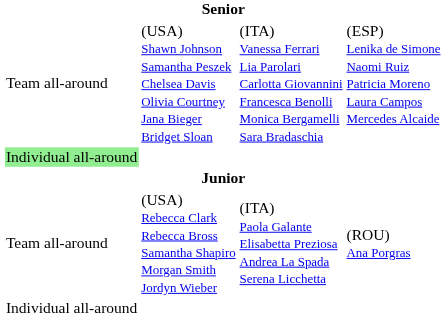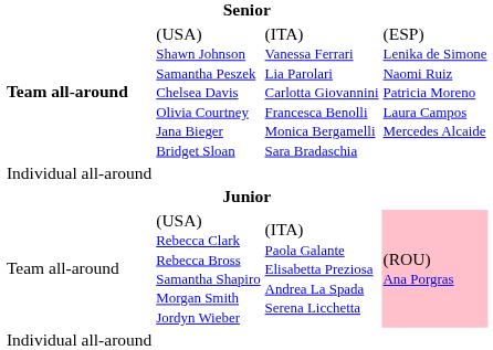 <table>
 <tr>
 <th colspan="4">Senior</th>
 </tr>
 <tr>
-<td>Team all-around<br></td>
+<td><strong>Team all-around<br></strong></td>
 <td> (USA)<br><small><a href='#'>Shawn Johnson</a><br><a href='#'>Samantha Peszek</a><br><a href='#'>Chelsea Davis</a><br><a href='#'>Olivia Courtney</a><br><a href='#'>Jana Bieger</a><br><a href='#'>Bridget Sloan</a></small></td>
 <td> (ITA)<br><small><a href='#'>Vanessa Ferrari</a><br><a href='#'>Lia Parolari</a><br><a href='#'>Carlotta Giovannini</a><br><a href='#'>Francesca Benolli</a><br><a href='#'>Monica Bergamelli</a><br><a href='#'>Sara Bradaschia</a></small></td>
 <td> (ESP)<br><small><a href='#'>Lenika de Simone</a><br><a href='#'>Naomi Ruiz</a><br><a href='#'>Patricia Moreno</a><br><a href='#'>Laura Campos</a><br><a href='#'>Mercedes Alcaide</a><br><br></small></td>
 </tr>
 <tr>
-<td style="background: lightgreen;">Individual all-around<br></td>
+<td>Individual all-around<br></td>
 <td></td>
 <td></td>
 <td></td>
 </tr>
 <tr>
 <th colspan="4">Junior</th>
 </tr>
 <tr>
 <td>Team all-around<br></td>
 <td> (USA)<br><small><a href='#'>Rebecca Clark</a><br><a href='#'>Rebecca Bross</a><br><a href='#'>Samantha Shapiro</a><br><a href='#'>Morgan Smith</a><br><a href='#'>Jordyn Wieber</a></small></td>
 <td> (ITA)<br><small><a href='#'>Paola Galante</a><br><a href='#'>Elisabetta Preziosa</a><br><a href='#'>Andrea La Spada</a><br><a href='#'>Serena Licchetta</a></small></td>
-<td> (ROU)<br><small><a href='#'>Ana Porgras</a></small></td>
+<td style="background: pink;"> (ROU)<br><small><a href='#'>Ana Porgras</a></small></td>
 </tr>
 <tr>
 <td>Individual all-around<br></td>
 <td></td>
 <td></td>
 <td></td>
 </tr>
 </table>
